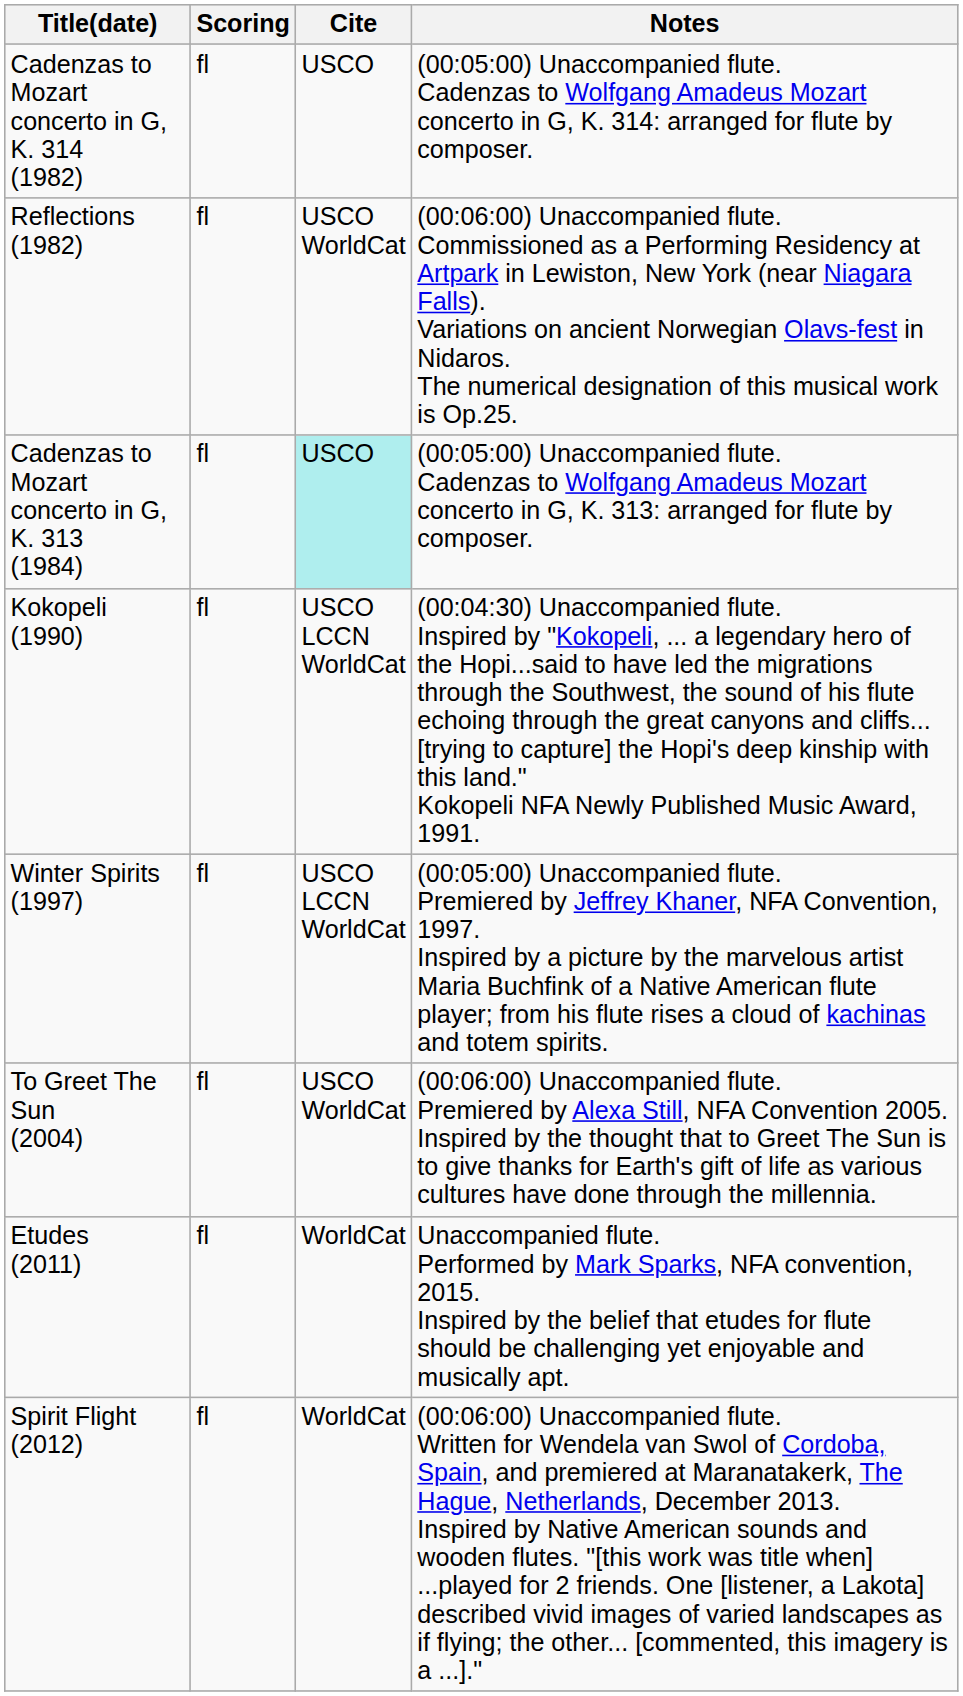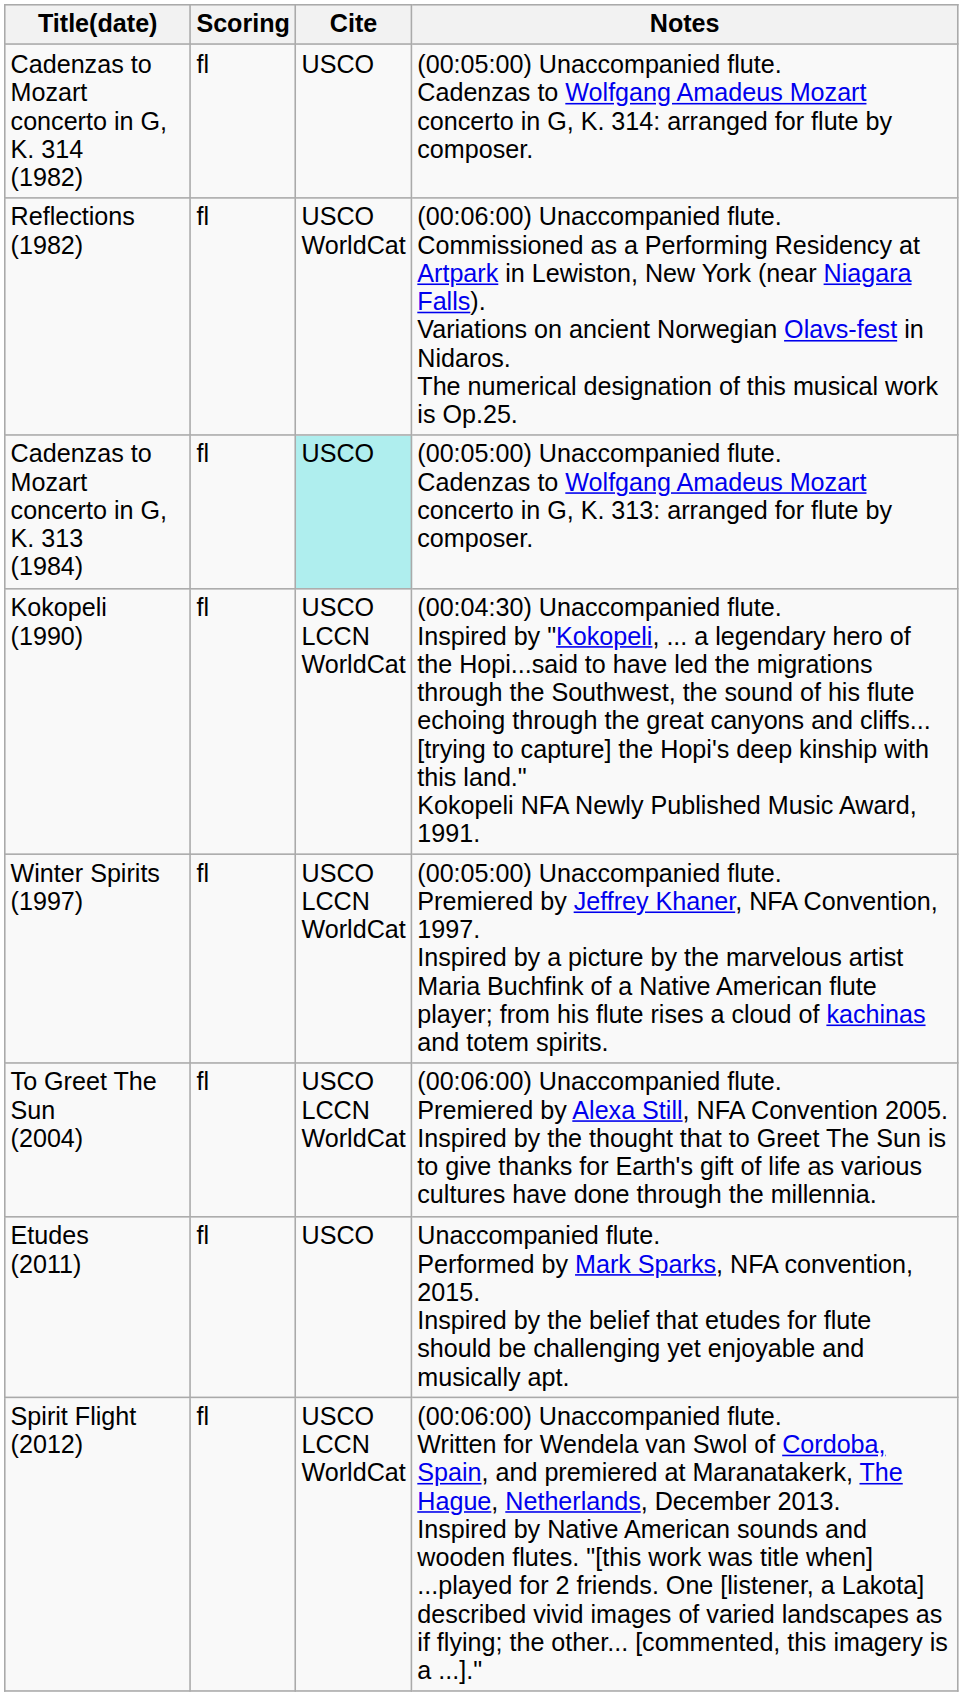 <table class="sortable wikitable" style="margins:auto; width=95%;">
 <tr>
 <th width="">Title(date)</th>
 <th width="">Scoring</th>
 <th width="">Cite</th>
 <th width="">Notes</th>
 </tr>
 <tr valign="top">
 <td>Cadenzas to Mozart concerto in G, K. 314<br>(1982)</td>
 <td>fl</td>
 <td>USCO</td>
 <td>(00:05:00) Unaccompanied flute.<br>Cadenzas to <a href='#'>Wolfgang Amadeus Mozart</a> concerto in G, K. 314: arranged for flute by composer.</td>
 </tr>
 <tr valign="top">
 <td>Reflections<br>(1982)</td>
 <td>fl</td>
 <td>USCO<br>WorldCat</td>
 <td>(00:06:00) Unaccompanied flute.<br>Commissioned as a Performing Residency at <a href='#'>Artpark</a> in Lewiston, New York (near <a href='#'>Niagara Falls</a>).<br>Variations on ancient Norwegian <a href='#'>Olavs-fest</a> in Nidaros.<br>The numerical designation of this musical work is Op.25.</td>
 </tr>
 <tr valign="top">
 <td>Cadenzas to Mozart concerto in G, K. 313<br>(1984)</td>
 <td>fl</td>
 <td style="background: paleturquoise;">USCO</td>
 <td>(00:05:00) Unaccompanied flute.<br>Cadenzas to <a href='#'>Wolfgang Amadeus Mozart</a> concerto in G, K. 313: arranged for flute by composer.</td>
 </tr>
 <tr valign="top">
 <td>Kokopeli<br>(1990)</td>
 <td>fl</td>
 <td>USCO<br>LCCN<br>WorldCat</td>
 <td>(00:04:30) Unaccompanied flute.<br>Inspired by "<a href='#'>Kokopeli</a>, ... a legendary hero of the Hopi...said to have led the migrations through the Southwest, the sound of his flute echoing through the great canyons and cliffs...[trying to capture] the Hopi's deep kinship with this land."<br>Kokopeli NFA Newly Published Music Award, 1991.</td>
 </tr>
 <tr valign="top">
 <td>Winter Spirits<br>(1997)</td>
 <td>fl</td>
 <td>USCO<br>LCCN<br>WorldCat</td>
 <td>(00:05:00) Unaccompanied flute.<br>Premiered by <a href='#'>Jeffrey Khaner</a>, NFA Convention, 1997.<br>Inspired by a picture by the marvelous artist Maria Buchfink of a Native American flute player; from his flute rises a cloud of <a href='#'>kachinas</a> and totem spirits.</td>
 </tr>
 <tr valign="top">
 <td>To Greet The Sun<br>(2004)</td>
 <td>fl</td>
-<td>USCO<br>WorldCat</td>
+<td>USCO<br>LCCN<br>WorldCat</td>
 <td>(00:06:00) Unaccompanied flute.<br>Premiered by <a href='#'>Alexa Still</a>, NFA Convention 2005.<br>Inspired by the thought that to Greet The Sun is to give thanks for Earth's gift of life as various cultures have done through the millennia.</td>
 </tr>
 <tr valign="top">
 <td>Etudes<br>(2011)</td>
 <td>fl</td>
-<td>WorldCat</td>
+<td>USCO</td>
 <td>Unaccompanied flute.<br>Performed by <a href='#'>Mark Sparks</a>, NFA convention, 2015.<br>Inspired by the belief that etudes for flute should be challenging yet enjoyable and musically apt.</td>
 </tr>
 <tr valign="top">
 <td>Spirit Flight<br>(2012)</td>
 <td>fl</td>
-<td>WorldCat</td>
+<td>USCO<br>LCCN<br>WorldCat</td>
 <td>(00:06:00) Unaccompanied flute.<br>Written for Wendela van Swol of <a href='#'>Cordoba, Spain</a>, and premiered at Maranatakerk, <a href='#'>The Hague</a>, <a href='#'>Netherlands</a>, December 2013.<br>Inspired by Native American sounds and wooden flutes. "[this work was title when] ...played for 2 friends. One [listener, a Lakota] described vivid images of varied landscapes as if flying; the other... [commented, this imagery is a ...]."</td>
 </tr>
 </table>
